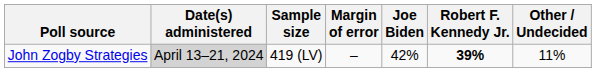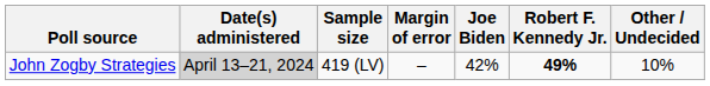 <table class="wikitable sortable mw-datatable" style="font-size:90%;text-align:center;line-height:17px">
 <tr valign=bottom>
 <th>Poll source</th>
 <th>Date(s)<br>administered</th>
 <th>Sample<br>size</th>
 <th>Margin<br>of error</th>
 <th class="unsortable">Joe<br>Biden<br></th>
 <th class="unsortable">Robert F.<br>Kennedy Jr.<br></th>
 <th class="unsortable">Other /<br>Undecided</th>
 </tr>
 <tr>
 <td style="text-align:left;"><a href='#'>John Zogby Strategies</a></td>
 <td data-sort-value="2024-05-01" style="background: lightgrey;">April 13–21, 2024</td>
 <td>419 (LV)</td>
 <td>–</td>
 <td>42%</td>
-<td style="background-color:"><strong>39%</strong></td>
-<td>11%</td>
+<td style="background-color:"><strong>49%</strong></td>
+<td>10%</td>
 </tr>
 </table>
